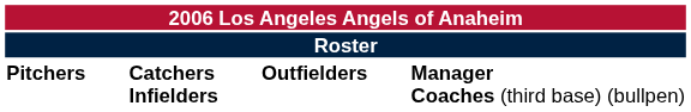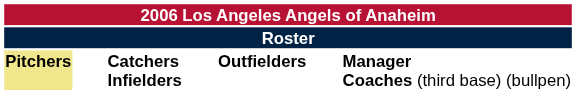 <table class="toccolours" style="font-size: 95%;">
 <tr>
 <th colspan="10" style="background-color: #B71234; color: white; text-align: center;">2006 Los Angeles Angels of Anaheim</th>
 </tr>
 <tr>
 <td colspan="10" style="background-color:#002244; color: white; text-align: center;"><strong>Roster</strong></td>
 </tr>
 <tr>
-<td valign="top"><strong>Pitchers</strong><br>                 </td>
+<td valign="top" style="background: khaki;"><strong>Pitchers</strong><br>                 </td>
 <td width="25px"></td>
 <td valign="top"><strong>Catchers</strong><br>   <strong>Infielders</strong>          </td>
 <td width="25px"></td>
 <td valign="top"><strong>Outfielders</strong><br>        </td>
 <td width="25px"></td>
 <td valign="top"><strong>Manager</strong><br> <strong>Coaches</strong>   (third base)    (bullpen) </td>
 </tr>
 </table>
